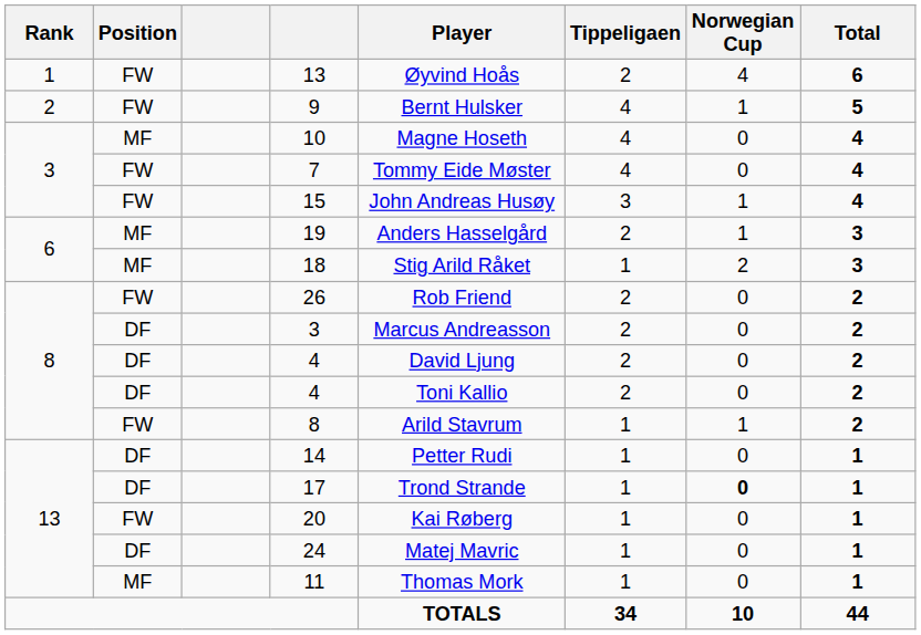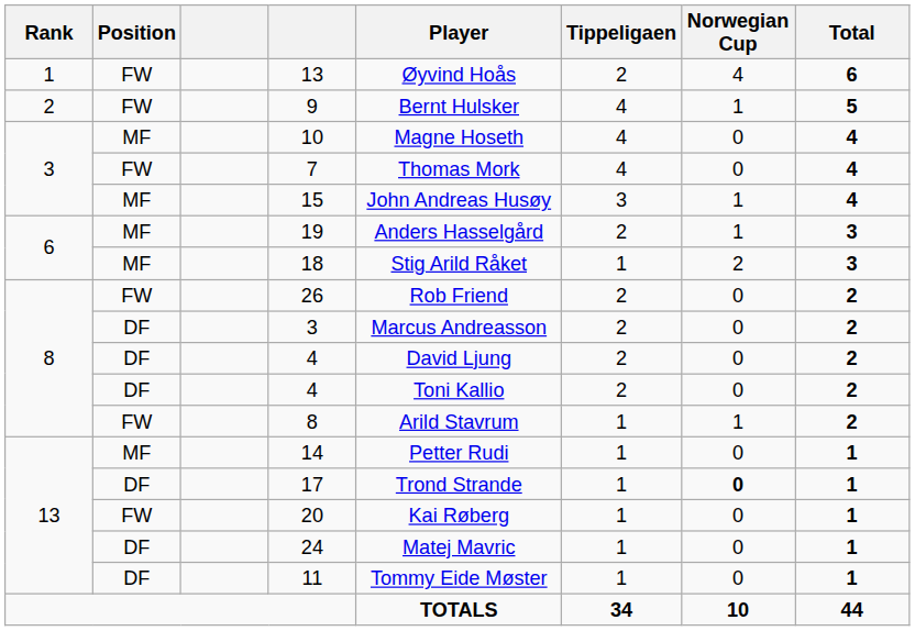 <table class="wikitable" style="font-size: 95%; text-align: center;">
 <tr>
 <th width=60>Rank</th>
 <th width=60>Position</th>
 <th width=60></th>
 <th width=60></th>
 <th width=150>Player</th>
 <th width=80>Tippeligaen</th>
 <th width=80>Norwegian Cup</th>
 <th width=80><strong>Total</strong></th>
 </tr>
 <tr>
 <td>1</td>
 <td>FW</td>
 <td></td>
 <td>13</td>
 <td><a href='#'>Øyvind Hoås</a></td>
 <td>2</td>
 <td>4</td>
 <td><strong>6</strong></td>
 </tr>
 <tr>
 <td>2</td>
 <td>FW</td>
 <td></td>
 <td>9</td>
 <td><a href='#'>Bernt Hulsker</a></td>
 <td>4</td>
 <td>1</td>
 <td><strong>5</strong></td>
 </tr>
 <tr>
 <td rowspan="3">3</td>
 <td>MF</td>
 <td></td>
 <td>10</td>
 <td><a href='#'>Magne Hoseth</a></td>
 <td>4</td>
 <td>0</td>
 <td><strong>4</strong></td>
 </tr>
 <tr>
 <td>FW</td>
 <td></td>
 <td>7</td>
-<td><a href='#'>Tommy Eide Møster</a></td>
+<td><a href='#'>Thomas Mork</a></td>
 <td>4</td>
 <td>0</td>
 <td><strong>4</strong></td>
 </tr>
 <tr>
-<td>FW</td>
+<td>MF</td>
 <td></td>
 <td>15</td>
 <td><a href='#'>John Andreas Husøy</a></td>
 <td>3</td>
 <td>1</td>
 <td><strong>4</strong></td>
 </tr>
 <tr>
 <td rowspan="2">6</td>
 <td>MF</td>
 <td></td>
 <td>19</td>
 <td><a href='#'>Anders Hasselgård</a></td>
 <td>2</td>
 <td>1</td>
 <td><strong>3</strong></td>
 </tr>
 <tr>
 <td>MF</td>
 <td></td>
 <td>18</td>
 <td><a href='#'>Stig Arild Råket</a></td>
 <td>1</td>
 <td>2</td>
 <td><strong>3</strong></td>
 </tr>
 <tr>
 <td rowspan="5">8</td>
 <td>FW</td>
 <td></td>
 <td>26</td>
 <td><a href='#'>Rob Friend</a></td>
 <td>2</td>
 <td>0</td>
 <td><strong>2</strong></td>
 </tr>
 <tr>
 <td>DF</td>
 <td></td>
 <td>3</td>
 <td><a href='#'>Marcus Andreasson</a></td>
 <td>2</td>
 <td>0</td>
 <td><strong>2</strong></td>
 </tr>
 <tr>
 <td>DF</td>
 <td></td>
 <td>4</td>
 <td><a href='#'>David Ljung</a></td>
 <td>2</td>
 <td>0</td>
 <td><strong>2</strong></td>
 </tr>
 <tr>
 <td>DF</td>
 <td></td>
 <td>4</td>
 <td><a href='#'>Toni Kallio</a></td>
 <td>2</td>
 <td>0</td>
 <td><strong>2</strong></td>
 </tr>
 <tr>
 <td>FW</td>
 <td></td>
 <td>8</td>
 <td><a href='#'>Arild Stavrum</a></td>
 <td>1</td>
 <td>1</td>
 <td><strong>2</strong></td>
 </tr>
 <tr>
 <td rowspan="5">13</td>
-<td>DF</td>
+<td>MF</td>
 <td></td>
 <td>14</td>
 <td><a href='#'>Petter Rudi</a></td>
 <td>1</td>
 <td>0</td>
 <td><strong>1</strong></td>
 </tr>
 <tr>
 <td>DF</td>
 <td></td>
 <td>17</td>
 <td><a href='#'>Trond Strande</a></td>
 <td>1</td>
 <td><strong>0</strong></td>
 <td><strong>1</strong></td>
 </tr>
 <tr>
 <td>FW</td>
 <td></td>
 <td>20</td>
 <td><a href='#'>Kai Røberg</a></td>
 <td>1</td>
 <td>0</td>
 <td><strong>1</strong></td>
 </tr>
 <tr>
 <td>DF</td>
 <td></td>
 <td>24</td>
 <td><a href='#'>Matej Mavric</a></td>
 <td>1</td>
 <td>0</td>
 <td><strong>1</strong></td>
 </tr>
 <tr>
-<td>MF</td>
+<td>DF</td>
 <td></td>
 <td>11</td>
-<td><a href='#'>Thomas Mork</a></td>
+<td><a href='#'>Tommy Eide Møster</a></td>
 <td>1</td>
 <td>0</td>
 <td><strong>1</strong></td>
 </tr>
 <tr>
 <td colspan="4"></td>
 <td><strong>TOTALS</strong></td>
 <td><strong>34</strong></td>
 <td><strong>10</strong></td>
 <td><strong>44</strong></td>
 </tr>
 </table>
